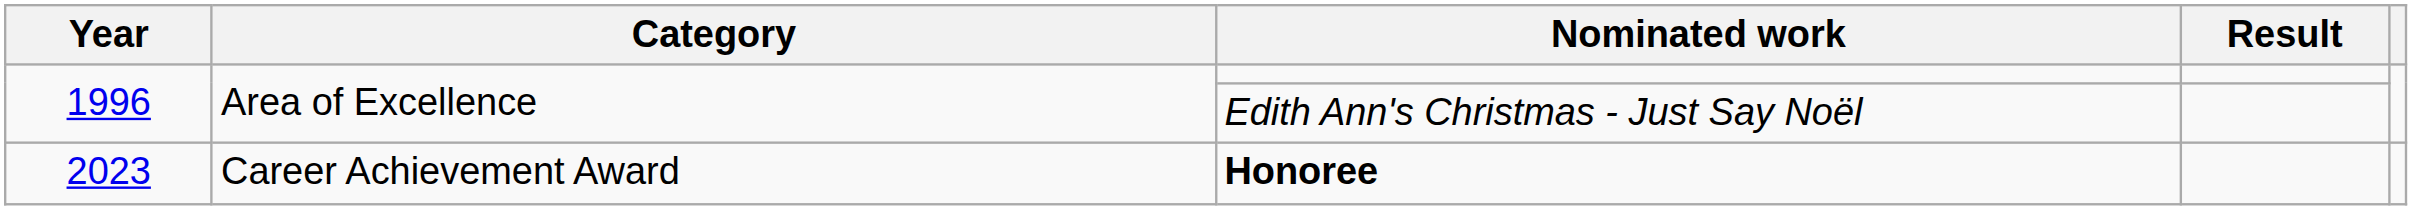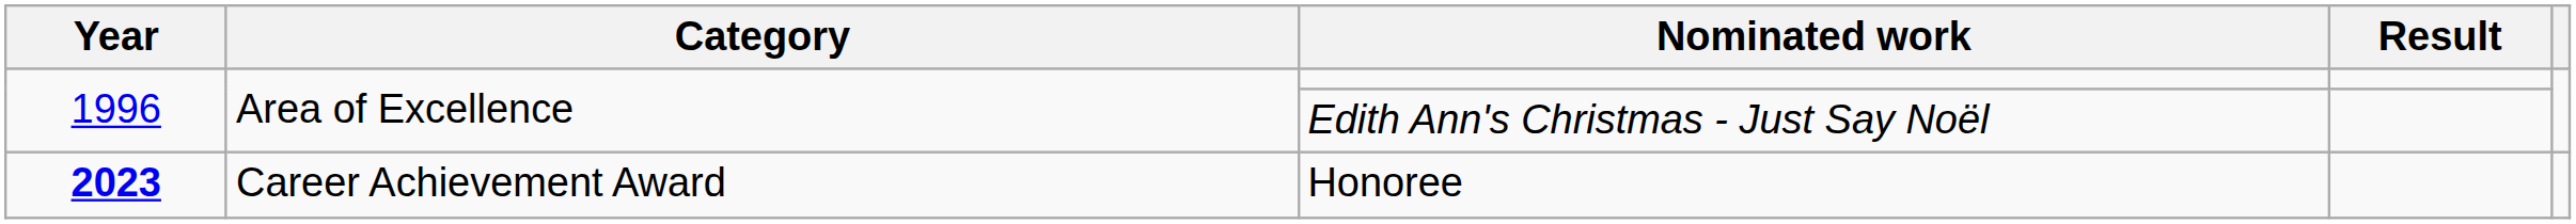 <table class=wikitable>
 <tr>
 <th scope="col" style="width:5em;">Year</th>
 <th scope="col" style="width:26em;">Category</th>
 <th scope="col" style="width:25em;">Nominated work</th>
 <th scope="col" style="width:5em;">Result</th>
 <th></th>
 </tr>
 <tr>
 <td style="text-align:center;", rowspan="2"><a href='#'>1996</a></td>
 <td rowspan="2">Area of Excellence</td>
 <td></td>
 <td></td>
 <td style="text-align:center;" rowspan="2"></td>
 </tr>
 <tr>
 <td><em>Edith Ann's Christmas - Just Say Noël</em></td>
 <td></td>
 </tr>
 <tr>
-<td style="text-align:center;"><a href='#'>2023</a></td>
+<td style="text-align:center;"><strong><a href='#'>2023</a></strong></td>
 <td>Career Achievement Award</td>
-<td><strong>Honoree</strong></td>
+<td>Honoree</td>
 <td></td>
 <td style="text-align:center;"></td>
 </tr>
 </table>
